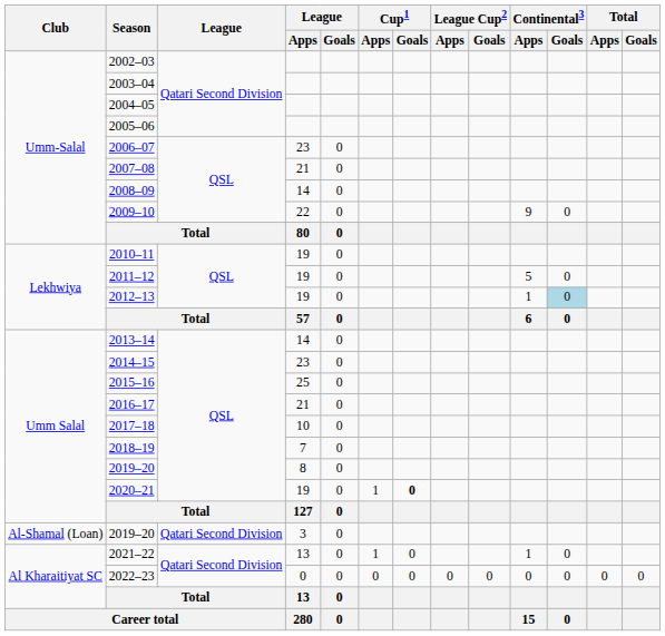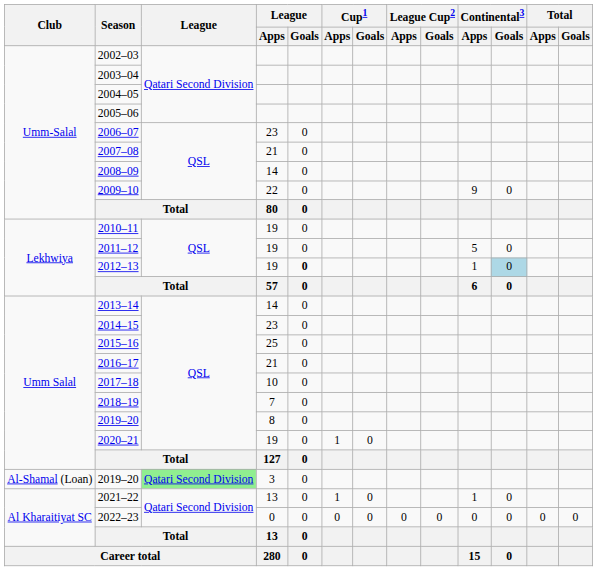 <table class="wikitable" style="font-size:90%; text-align:center;">
 <tr>
 <th rowspan="2">Club</th>
 <th rowspan="2">Season</th>
 <th rowspan="2">League</th>
 <th colspan="2">League</th>
 <th colspan="2">Cup<sup><a href='#'>1</a></sup></th>
 <th colspan="2">League Cup<sup><a href='#'>2</a></sup></th>
 <th colspan="2">Continental<sup><a href='#'>3</a></sup></th>
 <th colspan="2">Total</th>
 </tr>
 <tr>
 <th>Apps</th>
 <th>Goals</th>
 <th>Apps</th>
 <th>Goals</th>
 <th>Apps</th>
 <th>Goals</th>
 <th>Apps</th>
 <th>Goals</th>
 <th>Apps</th>
 <th>Goals</th>
 </tr>
 <tr>
 <td rowspan="9"><a href='#'>Umm-Salal</a></td>
 <td 2002–03 Qatari Second Division>2002–03</td>
 <td rowspan="4" valign="center"><a href='#'>Qatari Second Division</a></td>
 <td></td>
 <td></td>
 <td></td>
 <td></td>
 <td></td>
 <td></td>
 <td></td>
 <td></td>
 <td></td>
 <td></td>
 </tr>
 <tr>
 <td 2003–04 Qatari Second Division>2003–04</td>
 <td></td>
 <td></td>
 <td></td>
 <td></td>
 <td></td>
 <td></td>
 <td></td>
 <td></td>
 <td></td>
 <td></td>
 </tr>
 <tr>
 <td 2004–05 Qatari Second Division>2004–05</td>
 <td></td>
 <td></td>
 <td></td>
 <td></td>
 <td></td>
 <td></td>
 <td></td>
 <td></td>
 <td></td>
 <td></td>
 </tr>
 <tr>
 <td 2005–06 Qatari Second Division>2005–06</td>
 <td></td>
 <td></td>
 <td></td>
 <td></td>
 <td></td>
 <td></td>
 <td></td>
 <td></td>
 <td></td>
 <td></td>
 </tr>
 <tr>
 <td><a href='#'>2006–07</a></td>
 <td rowspan="4" valign="center"><a href='#'>QSL</a></td>
 <td>23</td>
 <td>0</td>
 <td></td>
 <td></td>
 <td></td>
 <td></td>
 <td></td>
 <td></td>
 <td></td>
 <td></td>
 </tr>
 <tr>
 <td><a href='#'>2007–08</a></td>
 <td>21</td>
 <td>0</td>
 <td></td>
 <td></td>
 <td></td>
 <td></td>
 <td></td>
 <td></td>
 <td></td>
 <td></td>
 </tr>
 <tr>
 <td><a href='#'>2008–09</a></td>
 <td>14</td>
 <td>0</td>
 <td></td>
 <td></td>
 <td></td>
 <td></td>
 <td></td>
 <td></td>
 <td></td>
 <td></td>
 </tr>
 <tr>
 <td><a href='#'>2009–10</a></td>
 <td>22</td>
 <td>0</td>
 <td></td>
 <td></td>
 <td></td>
 <td></td>
 <td>9</td>
 <td>0</td>
 <td></td>
 <td></td>
 </tr>
 <tr>
 <th colspan="2">Total</th>
 <th>80</th>
 <th>0</th>
 <th></th>
 <th></th>
 <th></th>
 <th></th>
 <th></th>
 <th></th>
 <th></th>
 <th></th>
 </tr>
 <tr>
 <td rowspan="4"><a href='#'>Lekhwiya</a></td>
 <td><a href='#'>2010–11</a></td>
 <td rowspan="3" valign="center"><a href='#'>QSL</a></td>
 <td>19</td>
 <td>0</td>
 <td></td>
 <td></td>
 <td></td>
 <td></td>
 <td></td>
 <td></td>
 <td></td>
 <td></td>
 </tr>
 <tr>
 <td><a href='#'>2011–12</a></td>
 <td>19</td>
 <td>0</td>
 <td></td>
 <td></td>
 <td></td>
 <td></td>
 <td>5</td>
 <td>0</td>
 <td></td>
 <td></td>
 </tr>
 <tr>
 <td><a href='#'>2012–13</a></td>
 <td>19</td>
-<td>0</td>
+<td><strong>0</strong></td>
 <td></td>
 <td></td>
 <td></td>
 <td></td>
 <td>1</td>
 <td style="background: lightblue;">0</td>
 <td></td>
 <td></td>
 </tr>
 <tr>
 <th colspan="2">Total</th>
 <th>57</th>
 <th>0</th>
 <th></th>
 <th></th>
 <th></th>
 <th></th>
 <th>6</th>
 <th>0</th>
 <th></th>
 <th></th>
 </tr>
 <tr>
 <td rowspan="9"><a href='#'>Umm Salal</a></td>
 <td><a href='#'>2013–14</a></td>
 <td rowspan="8" valign="center"><a href='#'>QSL</a></td>
 <td>14</td>
 <td>0</td>
 <td></td>
 <td></td>
 <td></td>
 <td></td>
 <td></td>
 <td></td>
 <td></td>
 <td></td>
 </tr>
 <tr>
 <td><a href='#'>2014–15</a></td>
 <td>23</td>
 <td>0</td>
 <td></td>
 <td></td>
 <td></td>
 <td></td>
 <td></td>
 <td></td>
 <td></td>
 <td></td>
 </tr>
 <tr>
 <td><a href='#'>2015–16</a></td>
 <td>25</td>
 <td>0</td>
 <td></td>
 <td></td>
 <td></td>
 <td></td>
 <td></td>
 <td></td>
 <td></td>
 <td></td>
 </tr>
 <tr>
 <td><a href='#'>2016–17</a></td>
 <td>21</td>
 <td>0</td>
 <td></td>
 <td></td>
 <td></td>
 <td></td>
 <td></td>
 <td></td>
 <td></td>
 <td></td>
 </tr>
 <tr>
 <td><a href='#'>2017–18</a></td>
 <td>10</td>
 <td>0</td>
 <td></td>
 <td></td>
 <td></td>
 <td></td>
 <td></td>
 <td></td>
 <td></td>
 <td></td>
 </tr>
 <tr>
 <td><a href='#'>2018–19</a></td>
 <td>7</td>
 <td>0</td>
 <td></td>
 <td></td>
 <td></td>
 <td></td>
 <td></td>
 <td></td>
 <td></td>
 <td></td>
 </tr>
 <tr>
 <td><a href='#'>2019–20</a></td>
 <td>8</td>
 <td>0</td>
 <td></td>
 <td></td>
 <td></td>
 <td></td>
 <td></td>
 <td></td>
 <td></td>
 <td></td>
 </tr>
 <tr>
 <td><a href='#'>2020–21</a></td>
 <td>19</td>
 <td>0</td>
 <td>1</td>
-<td><strong>0</strong></td>
+<td>0</td>
 <td></td>
 <td></td>
 <td></td>
 <td></td>
 <td></td>
 <td></td>
 </tr>
 <tr>
 <th colspan="2">Total</th>
 <th>127</th>
 <th>0</th>
 <th></th>
 <th></th>
 <th></th>
 <th></th>
 <th></th>
 <th></th>
 <th></th>
 <th></th>
 </tr>
 <tr>
 <td><a href='#'>Al-Shamal</a> (Loan)</td>
 <td 2019–20 Qatari Second Division>2019–20</td>
-<td valign="center"><a href='#'>Qatari Second Division</a></td>
+<td valign="center" style="background: lightgreen;"><a href='#'>Qatari Second Division</a></td>
 <td>3</td>
 <td>0</td>
 <td></td>
 <td></td>
 <td></td>
 <td></td>
 <td></td>
 <td></td>
 <td></td>
 <td></td>
 </tr>
 <tr>
 <td rowspan="3"><a href='#'>Al Kharaitiyat SC</a></td>
 <td 2021–22 Qatari Second Division>2021–22</td>
 <td rowspan="2" valign="center"><a href='#'>Qatari Second Division</a></td>
 <td>13</td>
 <td>0</td>
 <td>1</td>
 <td>0</td>
 <td></td>
 <td></td>
 <td>1</td>
 <td>0</td>
 <td></td>
 <td></td>
 </tr>
 <tr>
 <td 2022–23 Qatari Second Division>2022–23</td>
 <td>0</td>
 <td>0</td>
 <td>0</td>
 <td>0</td>
 <td>0</td>
 <td>0</td>
 <td>0</td>
 <td>0</td>
 <td>0</td>
 <td>0</td>
 </tr>
 <tr>
 <th colspan="2">Total</th>
 <th>13</th>
 <th>0</th>
 <th></th>
 <th></th>
 <th></th>
 <th></th>
 <th></th>
 <th></th>
 <th></th>
 <th></th>
 </tr>
 <tr>
 <th colspan="3">Career total</th>
 <th>280</th>
 <th>0</th>
 <th></th>
 <th></th>
 <th></th>
 <th></th>
 <th>15</th>
 <th>0</th>
 <th></th>
 <th></th>
 </tr>
 </table>
